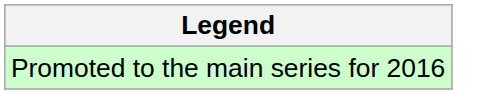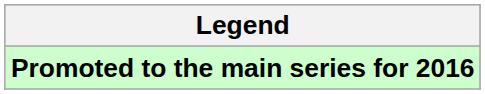 <table class="wikitable">
 <tr>
 <th>Legend</th>
 </tr>
 <tr bgcolor=ccffcc>
-<td>Promoted to the main series for 2016</td>
+<td><strong>Promoted to the main series for 2016</strong></td>
 </tr>
 </table>
